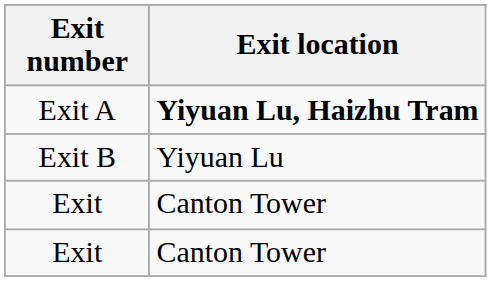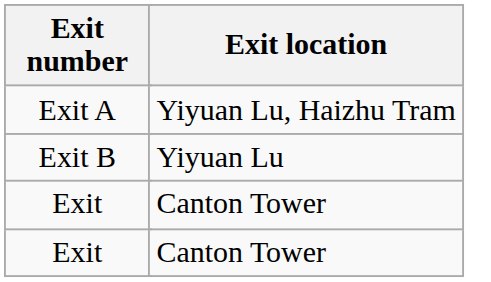 <table class="wikitable">
 <tr>
 <th style="width:70px" colspan="2">Exit number</th>
 <th>Exit location</th>
 </tr>
 <tr>
 <td align="center" colspan="2">Exit A</td>
-<td><strong>Yiyuan Lu, Haizhu Tram</strong></td>
+<td>Yiyuan Lu, Haizhu Tram</td>
 </tr>
 <tr>
 <td align="center" colspan="2">Exit B</td>
 <td>Yiyuan Lu</td>
 </tr>
 <tr>
 <td align="center" colspan="2">Exit</td>
 <td>Canton Tower</td>
 </tr>
 <tr>
 <td align="center" colspan="2">Exit</td>
 <td>Canton Tower</td>
 </tr>
 </table>
